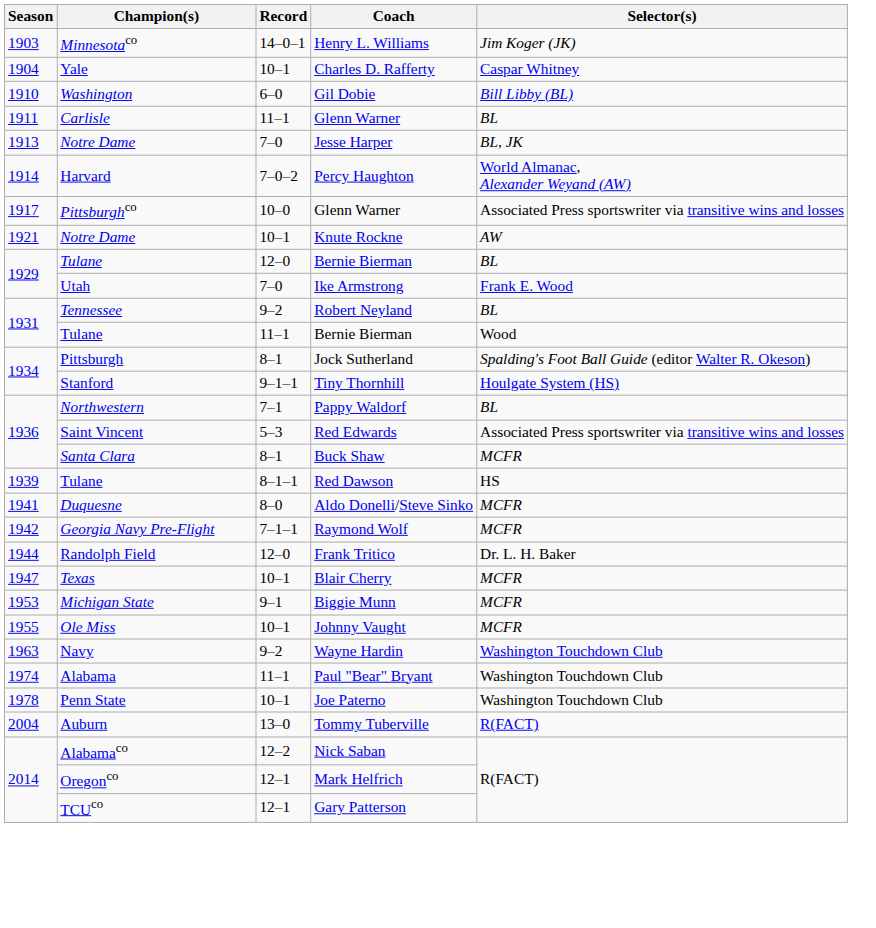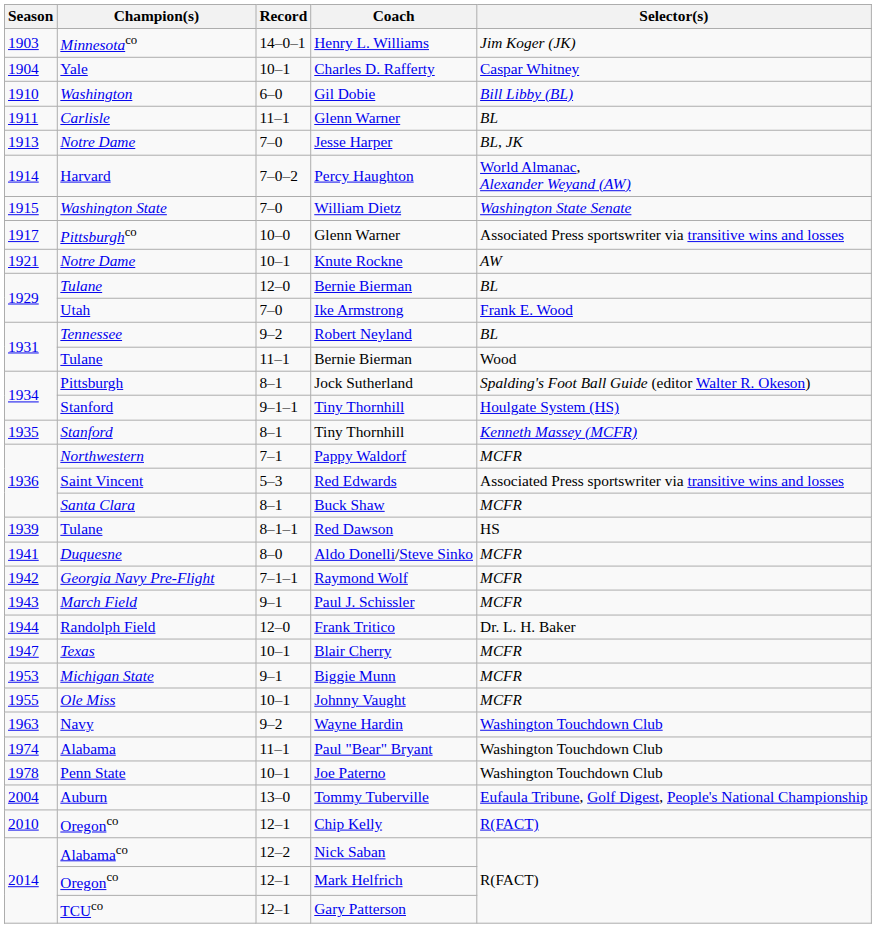 <table class="wikitable">
 <tr>
 <th width=px>Season</th>
 <th width=200px>Champion(s)</th>
 <th width=px>Record</th>
 <th width=px>Coach</th>
 <th width=px>Selector(s)</th>
 </tr>
 <tr>
 <td><a href='#'>1903</a></td>
 <td><em><a href='#'>Minnesota</a></em><sup>co</sup></td>
 <td>14–0–1</td>
 <td><a href='#'>Henry L. Williams</a></td>
 <td><em>Jim Koger (JK)</em></td>
 </tr>
 <tr>
 <td><a href='#'>1904</a></td>
 <td><a href='#'>Yale</a></td>
 <td>10–1</td>
 <td><a href='#'>Charles D. Rafferty</a></td>
 <td><a href='#'>Caspar Whitney</a></td>
 </tr>
 <tr>
 <td><a href='#'>1910</a></td>
 <td><em><a href='#'>Washington</a></em></td>
 <td>6–0</td>
 <td><a href='#'>Gil Dobie</a></td>
 <td><em><a href='#'>Bill Libby (BL)</a></em></td>
 </tr>
 <tr>
 <td><a href='#'>1911</a></td>
 <td><em><a href='#'>Carlisle</a></em></td>
 <td>11–1</td>
 <td><a href='#'>Glenn Warner</a></td>
 <td><em>BL</em></td>
 </tr>
 <tr>
 <td><a href='#'>1913</a></td>
 <td><em><a href='#'>Notre Dame</a></em></td>
 <td>7–0</td>
 <td><a href='#'>Jesse Harper</a></td>
 <td><em>BL</em>, <em>JK</em></td>
 </tr>
 <tr>
 <td><a href='#'>1914</a></td>
 <td><a href='#'>Harvard</a></td>
 <td>7–0–2</td>
 <td><a href='#'>Percy Haughton</a></td>
 <td><a href='#'>World Almanac</a>,<br><em><a href='#'>Alexander Weyand (AW)</a></em></td>
+</tr>
+<tr>
+<td><a href='#'>1915</a></td>
+<td><em><a href='#'>Washington State</a></em></td>
+<td>7–0</td>
+<td><a href='#'>William Dietz</a></td>
+<td><em><a href='#'>Washington State Senate</a></em></td>
 </tr>
 <tr>
 <td><a href='#'>1917</a></td>
 <td><em><a href='#'>Pittsburgh</a></em><sup>co</sup></td>
 <td>10–0</td>
 <td>Glenn Warner</td>
 <td>Associated Press sportswriter via <a href='#'>transitive wins and losses</a></td>
 </tr>
 <tr>
 <td><a href='#'>1921</a></td>
 <td><em><a href='#'>Notre Dame</a></em></td>
 <td>10–1</td>
 <td><a href='#'>Knute Rockne</a></td>
 <td><em>AW</em></td>
 </tr>
 <tr>
 <td rowspan="2"><a href='#'>1929</a></td>
 <td><em><a href='#'>Tulane</a></em></td>
 <td>12–0</td>
 <td><a href='#'>Bernie Bierman</a></td>
 <td><em>BL</em></td>
 </tr>
 <tr>
 <td><a href='#'>Utah</a></td>
 <td>7–0</td>
 <td><a href='#'>Ike Armstrong</a></td>
 <td><a href='#'>Frank E. Wood</a></td>
 </tr>
 <tr>
 <td rowspan="2"><a href='#'>1931</a></td>
 <td><em><a href='#'>Tennessee</a></em></td>
 <td>9–2</td>
 <td><a href='#'>Robert Neyland</a></td>
 <td><em>BL</em></td>
 </tr>
 <tr>
 <td><a href='#'>Tulane</a></td>
 <td>11–1</td>
 <td>Bernie Bierman</td>
 <td>Wood</td>
 </tr>
 <tr>
 <td rowspan="2"><a href='#'>1934</a></td>
 <td><a href='#'>Pittsburgh</a></td>
 <td>8–1</td>
 <td>Jock Sutherland</td>
 <td><em>Spalding's Foot Ball Guide</em> (editor <a href='#'>Walter R. Okeson</a>)</td>
 </tr>
 <tr>
 <td><a href='#'>Stanford</a></td>
 <td>9–1–1</td>
 <td><a href='#'>Tiny Thornhill</a></td>
 <td><a href='#'>Houlgate System (HS)</a></td>
 </tr>
 <tr>
+<td><a href='#'>1935</a></td>
+<td><em> <a href='#'>Stanford</a></em></td>
+<td>8–1</td>
+<td>Tiny Thornhill</td>
+<td><em><a href='#'>Kenneth Massey (MCFR)</a></em></td>
+</tr>
+<tr>
 <td rowspan="3"><a href='#'>1936</a></td>
 <td><em><a href='#'>Northwestern</a></em></td>
 <td>7–1</td>
 <td><a href='#'>Pappy Waldorf</a></td>
-<td><em>BL</em></td>
+<td><em>MCFR</em></td>
 </tr>
 <tr>
 <td><a href='#'>Saint Vincent</a></td>
 <td>5–3</td>
 <td><a href='#'>Red Edwards</a></td>
 <td>Associated Press sportswriter via <a href='#'>transitive wins and losses</a></td>
 </tr>
 <tr>
 <td><em><a href='#'>Santa Clara</a></em></td>
 <td>8–1</td>
 <td><a href='#'>Buck Shaw</a></td>
 <td><em>MCFR</em></td>
 </tr>
 <tr>
 <td><a href='#'>1939</a></td>
 <td><a href='#'>Tulane</a></td>
 <td>8–1–1</td>
 <td><a href='#'>Red Dawson</a></td>
 <td>HS</td>
 </tr>
 <tr>
 <td><a href='#'>1941</a></td>
 <td><em> <a href='#'>Duquesne</a></em></td>
 <td>8–0</td>
 <td><a href='#'>Aldo Donelli</a>/<a href='#'>Steve Sinko</a></td>
 <td><em>MCFR</em></td>
 </tr>
 <tr>
 <td><a href='#'>1942</a></td>
 <td><em> <a href='#'>Georgia Navy Pre-Flight</a></em></td>
 <td>7–1–1</td>
 <td><a href='#'>Raymond Wolf</a></td>
+<td><em>MCFR</em></td>
+</tr>
+<tr>
+<td><a href='#'>1943</a></td>
+<td><em><a href='#'>March Field</a></em></td>
+<td>9–1</td>
+<td><a href='#'>Paul J. Schissler</a></td>
 <td><em>MCFR</em></td>
 </tr>
 <tr>
 <td><a href='#'>1944</a></td>
 <td><a href='#'>Randolph Field</a></td>
 <td>12–0</td>
 <td><a href='#'>Frank Tritico</a></td>
 <td>Dr. L. H. Baker</td>
 </tr>
 <tr>
 <td><a href='#'>1947</a></td>
 <td><em> <a href='#'>Texas</a></em></td>
 <td>10–1</td>
 <td><a href='#'>Blair Cherry</a></td>
 <td><em>MCFR</em></td>
 </tr>
 <tr>
 <td><a href='#'>1953</a></td>
 <td><em> <a href='#'>Michigan State</a></em></td>
 <td>9–1</td>
 <td><a href='#'>Biggie Munn</a></td>
 <td><em>MCFR</em></td>
 </tr>
 <tr>
 <td><a href='#'>1955</a></td>
 <td><em> <a href='#'>Ole Miss</a></em></td>
 <td>10–1</td>
 <td><a href='#'>Johnny Vaught</a></td>
 <td><em>MCFR</em></td>
 </tr>
 <tr>
 <td><a href='#'>1963</a></td>
 <td><a href='#'>Navy</a></td>
 <td>9–2</td>
 <td><a href='#'>Wayne Hardin</a></td>
 <td><a href='#'>Washington Touchdown Club</a></td>
 </tr>
 <tr>
 <td><a href='#'>1974</a></td>
 <td><a href='#'>Alabama</a></td>
 <td>11–1</td>
 <td><a href='#'>Paul "Bear" Bryant</a></td>
 <td>Washington Touchdown Club</td>
 </tr>
 <tr>
 <td><a href='#'>1978</a></td>
 <td><a href='#'>Penn State</a></td>
 <td>10–1</td>
 <td><a href='#'>Joe Paterno</a></td>
 <td>Washington Touchdown Club</td>
 </tr>
 <tr>
 <td><a href='#'>2004</a></td>
 <td><a href='#'>Auburn</a></td>
 <td>13–0</td>
 <td><a href='#'>Tommy Tuberville</a></td>
+<td><a href='#'>Eufaula Tribune</a>, <a href='#'>Golf Digest</a>, <a href='#'>People's National Championship</a></td>
+</tr>
+<tr>
+<td><a href='#'>2010</a></td>
+<td><a href='#'>Oregon</a><sup>co</sup></td>
+<td>12–1</td>
+<td><a href='#'>Chip Kelly</a></td>
 <td><a href='#'>R(FACT)</a></td>
 </tr>
 <tr>
 <td rowspan="3"><a href='#'>2014</a></td>
 <td><a href='#'>Alabama</a><sup>co</sup></td>
 <td>12–2</td>
 <td><a href='#'>Nick Saban</a></td>
 <td rowspan="3">R(FACT)</td>
 </tr>
 <tr>
 <td><a href='#'>Oregon</a><sup>co</sup></td>
 <td>12–1</td>
 <td><a href='#'>Mark Helfrich</a></td>
 </tr>
 <tr>
 <td><a href='#'>TCU</a><sup>co</sup></td>
 <td>12–1</td>
 <td><a href='#'>Gary Patterson</a></td>
 </tr>
 </table>
